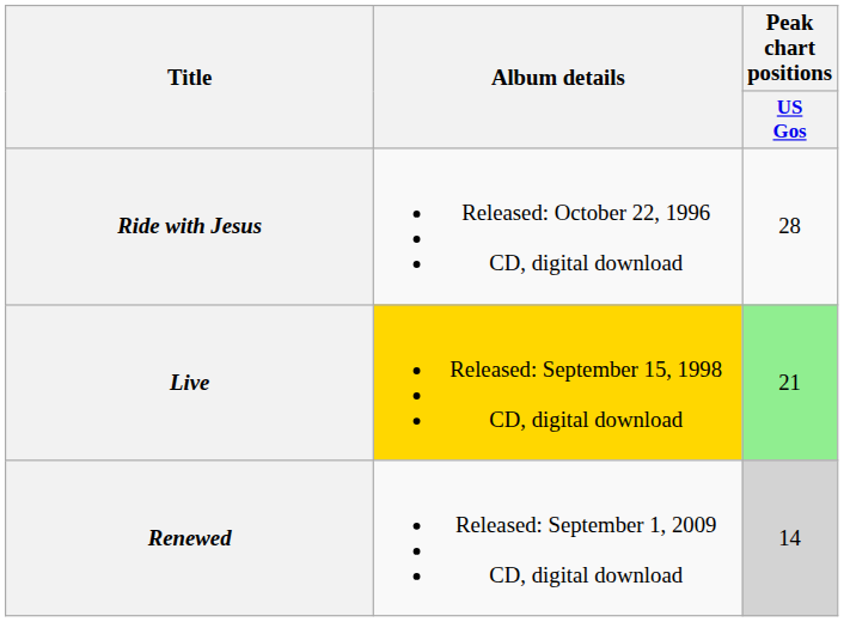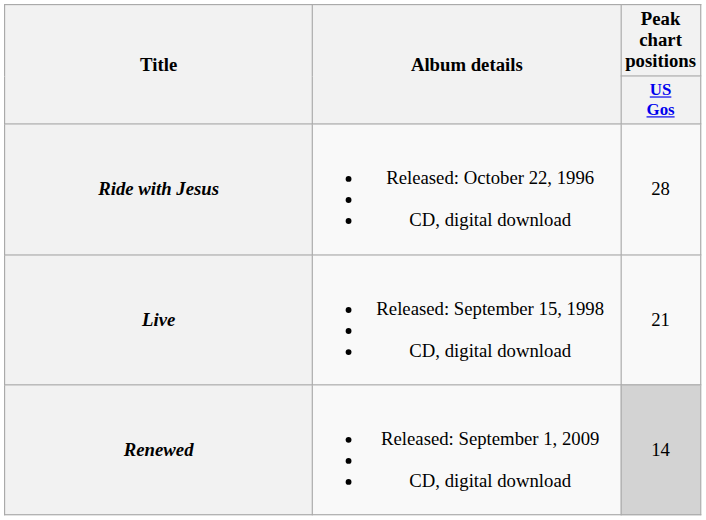 <table class="wikitable plainrowheaders" style="text-align:center;">
 <tr>
 <th scope="col" rowspan="2" style="width:16em;">Title</th>
 <th scope="col" rowspan="2" style="width:16em;">Album details</th>
 <th scope="col" colspan="1">Peak chart positions</th>
 </tr>
 <tr>
 <th style="width:3em; font-size:90%"><a href='#'>US<br>Gos</a></th>
 </tr>
 <tr>
 <th scope="row"><em>Ride with Jesus</em></th>
 <td><br><ul><li>Released: October 22, 1996</li><li></li><li>CD, digital download</li></ul></td>
 <td>28</td>
 </tr>
 <tr>
 <th scope="row"><em>Live</em></th>
-<td style="background: gold;"><br><ul><li>Released: September 15, 1998</li><li></li><li>CD, digital download</li></ul></td>
-<td style="background: lightgreen;">21</td>
+<td><br><ul><li>Released: September 15, 1998</li><li></li><li>CD, digital download</li></ul></td>
+<td>21</td>
 </tr>
 <tr>
 <th scope="row"><em>Renewed</em></th>
 <td><br><ul><li>Released: September 1, 2009</li><li></li><li>CD, digital download</li></ul></td>
 <td style="background: lightgrey;">14</td>
 </tr>
 </table>
